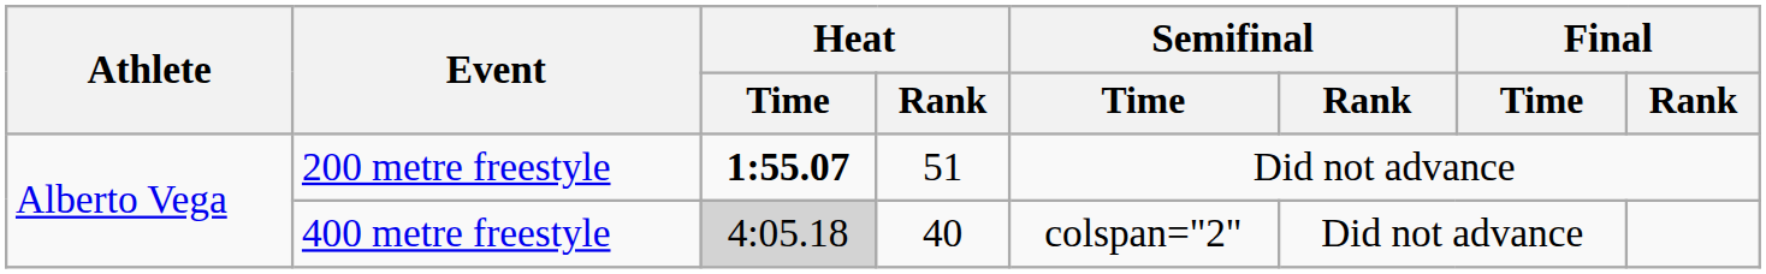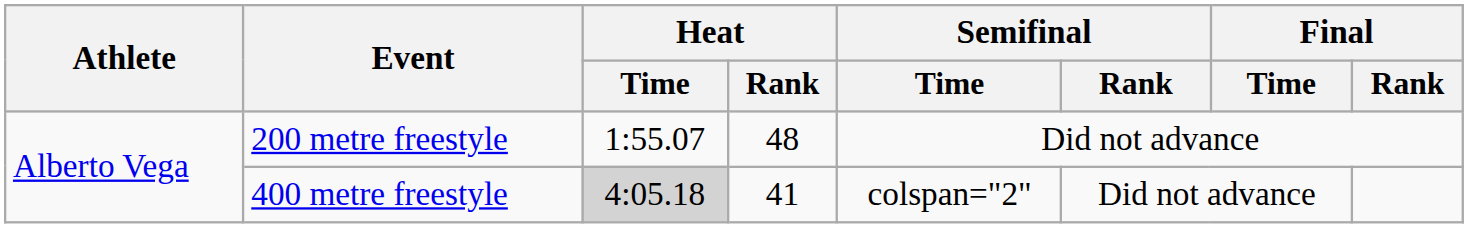 <table class="wikitable" style="text-align:center; font-size:90%; width:50%;">
 <tr>
 <th rowspan="2">Athlete</th>
 <th rowspan="2">Event</th>
 <th colspan="2">Heat</th>
 <th colspan="2">Semifinal</th>
 <th colspan="2">Final</th>
 </tr>
 <tr style="font-size:95%">
 <th>Time</th>
 <th>Rank</th>
 <th>Time</th>
 <th>Rank</th>
 <th>Time</th>
 <th>Rank</th>
 </tr>
 <tr>
 <td align=left rowspan=2><a href='#'>Alberto Vega</a></td>
 <td align=left><a href='#'>200 metre freestyle</a></td>
-<td><strong>1:55.07</strong></td>
-<td>51</td>
+<td>1:55.07</td>
+<td>48</td>
 <td colspan=4>Did not advance</td>
 </tr>
 <tr>
 <td align=left><a href='#'>400 metre freestyle</a></td>
 <td style="background: lightgrey;">4:05.18</td>
-<td>40</td>
+<td>41</td>
 <td>colspan="2" </td>
 <td colspan="2">Did not advance</td>
 </tr>
 </table>
